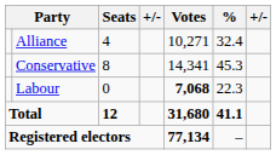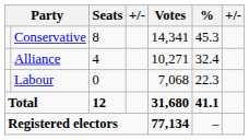 <table class="wikitable sortable">
 <tr>
 <th colspan="2">Party</th>
 <th>Seats</th>
 <th>+/-</th>
 <th>Votes</th>
 <th>%</th>
 <th>+/-</th>
+</tr>
+<tr>
+<td style="background-color: "></td>
+<td><a href='#'>Conservative</a></td>
+<td>8</td>
+<td></td>
+<td style="text-align:right;">14,341</td>
+<td style="text-align:right;">45.3</td>
+<td style="text-align:right;"></td>
 </tr>
 <tr>
 <td style="background-color: "></td>
 <td><a href='#'>Alliance</a></td>
 <td>4</td>
 <td></td>
 <td style="text-align:right;">10,271</td>
 <td style="text-align:right;">32.4</td>
 <td style="text-align:right;"></td>
 </tr>
 <tr>
 <td style="background-color: "></td>
-<td><a href='#'>Conservative</a></td>
-<td>8</td>
-<td></td>
-<td style="text-align:right;">14,341</td>
-<td style="text-align:right;">45.3</td>
-<td style="text-align:right;"></td>
-</tr>
-<tr>
-<td style="background-color: "></td>
 <td><a href='#'>Labour</a></td>
 <td>0</td>
 <td></td>
-<td style="text-align:right;"><strong>7,068</strong></td>
+<td style="text-align:right;">7,068</td>
 <td style="text-align:right;">22.3</td>
 <td style="text-align:right;"></td>
 </tr>
 <tr>
 <td colspan="2"><strong>Total</strong></td>
 <td><strong>12</strong></td>
 <td></td>
 <td style="text-align:right;"><strong>31,680</strong></td>
 <td style="text-align:right;"><strong>41.1</strong></td>
 <td style="text-align:right;"></td>
 </tr>
 <tr>
 <td colspan="4"><strong>Registered electors</strong></td>
 <td style="text-align:right;"><strong>77,134</strong></td>
 <td style="text-align:right;">–</td>
 <td style="text-align:right;"></td>
 </tr>
 </table>
